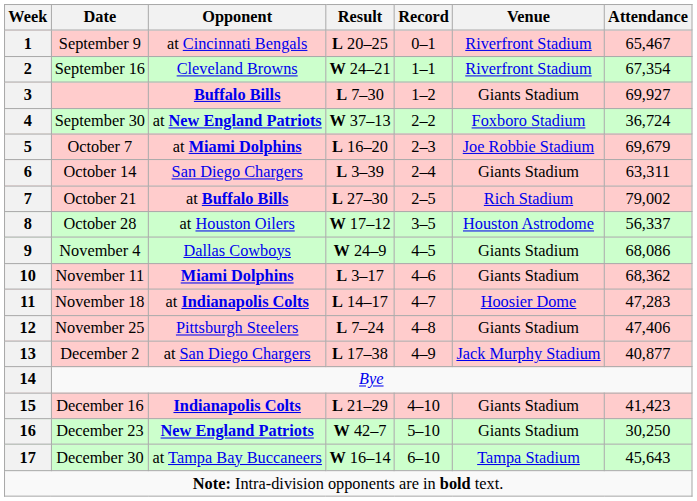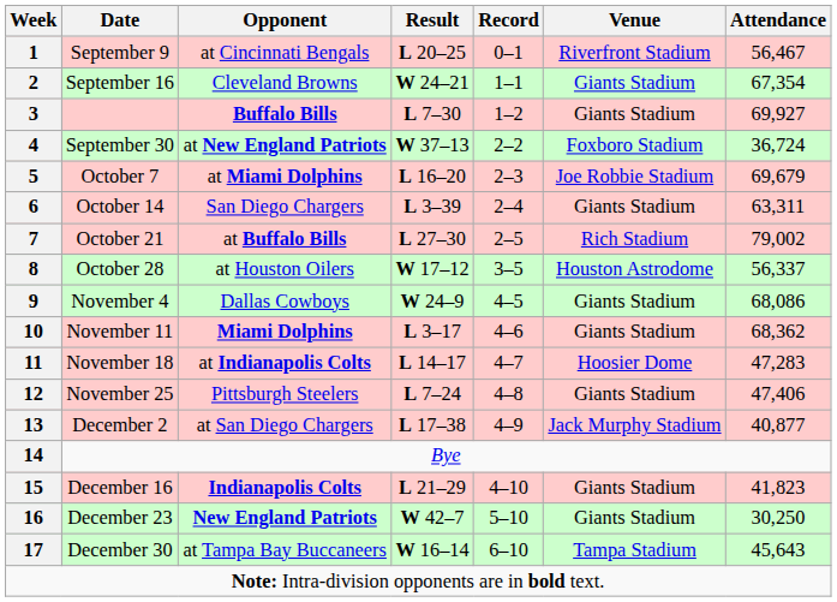 <table class="wikitable" style="text-align:center">
 <tr>
 <th>Week</th>
 <th>Date</th>
 <th>Opponent</th>
 <th>Result</th>
 <th>Record</th>
 <th>Venue</th>
 <th>Attendance</th>
 </tr>
 <tr style="background:#fcc">
 <th>1</th>
 <td>September 9</td>
 <td>at <a href='#'>Cincinnati Bengals</a></td>
 <td><strong>L</strong> 20–25</td>
 <td>0–1</td>
 <td><a href='#'>Riverfront Stadium</a></td>
-<td>65,467</td>
+<td>56,467</td>
 </tr>
 <tr style="background:#cfc">
 <th>2</th>
 <td>September 16</td>
 <td><a href='#'>Cleveland Browns</a></td>
 <td><strong>W</strong> 24–21</td>
 <td>1–1</td>
-<td><a href='#'>Riverfront Stadium</a></td>
+<td><a href='#'>Giants Stadium</a></td>
 <td>67,354</td>
 </tr>
 <tr style="background:#fcc">
 <th>3</th>
 <td></td>
 <td><strong><a href='#'>Buffalo Bills</a></strong></td>
 <td><strong>L</strong> 7–30</td>
 <td>1–2</td>
 <td>Giants Stadium</td>
 <td>69,927</td>
 </tr>
 <tr style="background:#cfc">
 <th>4</th>
 <td>September 30</td>
 <td>at <strong><a href='#'>New England Patriots</a></strong></td>
 <td><strong>W</strong> 37–13</td>
 <td>2–2</td>
 <td><a href='#'>Foxboro Stadium</a></td>
 <td>36,724</td>
 </tr>
 <tr style="background:#fcc">
 <th>5</th>
 <td>October 7</td>
 <td>at <strong><a href='#'>Miami Dolphins</a></strong></td>
 <td><strong>L</strong> 16–20</td>
 <td>2–3</td>
 <td><a href='#'>Joe Robbie Stadium</a></td>
 <td>69,679</td>
 </tr>
 <tr style="background: #fcc">
 <th>6</th>
 <td>October 14</td>
 <td><a href='#'>San Diego Chargers</a></td>
 <td><strong>L</strong> 3–39</td>
 <td>2–4</td>
 <td>Giants Stadium</td>
 <td>63,311</td>
 </tr>
 <tr style="background:#fcc">
 <th>7</th>
 <td>October 21</td>
 <td>at <strong><a href='#'>Buffalo Bills</a></strong></td>
 <td><strong>L</strong> 27–30</td>
 <td>2–5</td>
 <td><a href='#'>Rich Stadium</a></td>
 <td>79,002</td>
 </tr>
 <tr style="background:#cfc">
 <th>8</th>
 <td>October 28</td>
 <td>at <a href='#'>Houston Oilers</a></td>
 <td><strong>W</strong> 17–12</td>
 <td>3–5</td>
 <td><a href='#'>Houston Astrodome</a></td>
 <td>56,337</td>
 </tr>
 <tr style="background:#cfc">
 <th>9</th>
 <td>November 4</td>
 <td><a href='#'>Dallas Cowboys</a></td>
 <td><strong>W</strong> 24–9</td>
 <td>4–5</td>
 <td>Giants Stadium</td>
 <td>68,086</td>
 </tr>
 <tr style="background:#fcc">
 <th>10</th>
 <td>November 11</td>
 <td><strong><a href='#'>Miami Dolphins</a></strong></td>
 <td><strong>L</strong> 3–17</td>
 <td>4–6</td>
 <td>Giants Stadium</td>
 <td>68,362</td>
 </tr>
 <tr style="background:#fcc">
 <th>11</th>
 <td>November 18</td>
 <td>at <strong><a href='#'>Indianapolis Colts</a></strong></td>
 <td><strong>L</strong> 14–17</td>
 <td>4–7</td>
 <td><a href='#'>Hoosier Dome</a></td>
 <td>47,283</td>
 </tr>
 <tr style="background:#fcc">
 <th>12</th>
 <td>November 25</td>
 <td><a href='#'>Pittsburgh Steelers</a></td>
 <td><strong>L</strong> 7–24</td>
 <td>4–8</td>
 <td>Giants Stadium</td>
 <td>47,406</td>
 </tr>
 <tr style="background:#fcc">
 <th>13</th>
 <td>December 2</td>
 <td>at <a href='#'>San Diego Chargers</a></td>
 <td><strong>L</strong> 17–38</td>
 <td>4–9</td>
 <td><a href='#'>Jack Murphy Stadium</a></td>
 <td>40,877</td>
 </tr>
 <tr>
 <th>14</th>
 <td colspan="6"><em><a href='#'>Bye</a></em></td>
 </tr>
 <tr style="background:#fcc">
 <th>15</th>
 <td>December 16</td>
 <td><strong><a href='#'>Indianapolis Colts</a></strong></td>
 <td><strong>L</strong> 21–29</td>
 <td>4–10</td>
 <td>Giants Stadium</td>
-<td>41,423</td>
+<td>41,823</td>
 </tr>
 <tr style="background:#cfc">
 <th>16</th>
 <td>December 23</td>
 <td><strong><a href='#'>New England Patriots</a></strong></td>
 <td><strong>W</strong> 42–7</td>
 <td>5–10</td>
 <td>Giants Stadium</td>
 <td>30,250</td>
 </tr>
 <tr style="background:#cfc">
 <th>17</th>
 <td>December 30</td>
 <td>at <a href='#'>Tampa Bay Buccaneers</a></td>
 <td><strong>W</strong> 16–14</td>
 <td>6–10</td>
 <td><a href='#'>Tampa Stadium</a></td>
 <td>45,643</td>
 </tr>
 <tr>
 <td colspan="8"><strong>Note:</strong> Intra-division opponents are in <strong>bold</strong> text.</td>
 </tr>
 </table>
